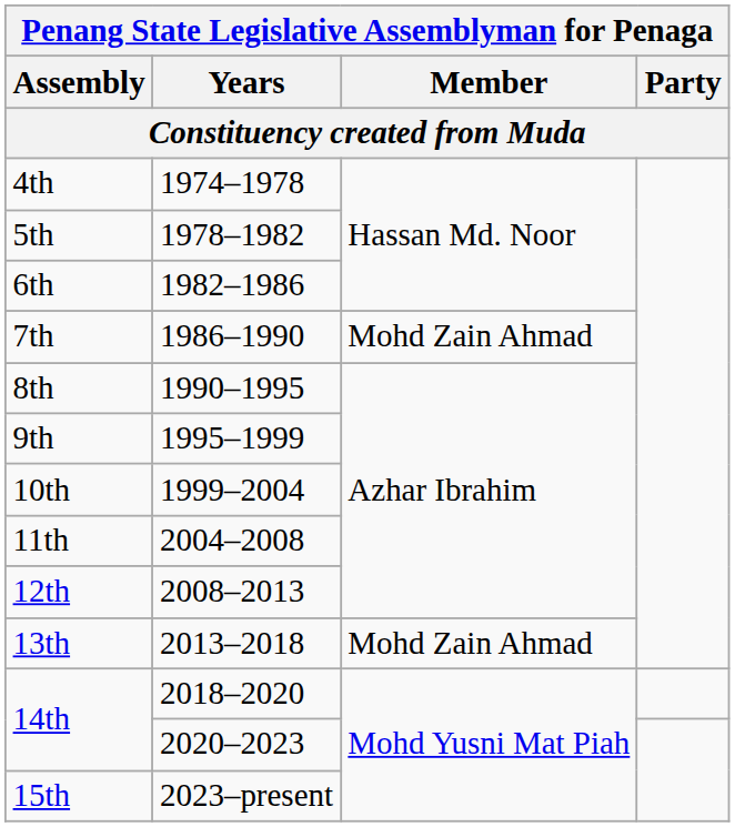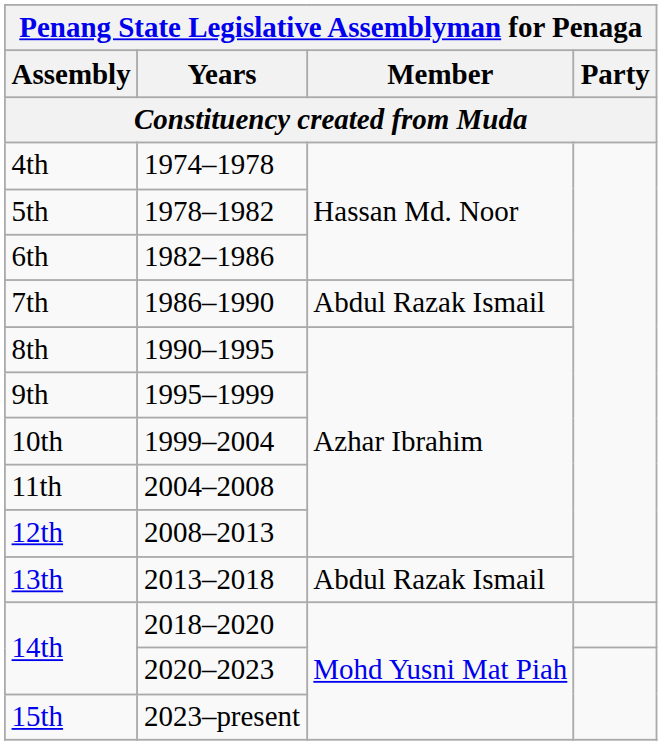 <table class="wikitable">
 <tr>
 <th colspan="4"><a href='#'>Penang State Legislative Assemblyman</a> for Penaga</th>
 </tr>
 <tr>
 <th>Assembly</th>
 <th>Years</th>
 <th>Member</th>
 <th>Party</th>
 </tr>
 <tr>
 <th colspan="4" align="center"><em>Constituency created from Muda</em></th>
 </tr>
 <tr>
 <td>4th</td>
 <td>1974–1978</td>
 <td rowspan="3">Hassan Md. Noor</td>
 <td rowspan="10"></td>
 </tr>
 <tr>
 <td>5th</td>
 <td>1978–1982</td>
 </tr>
 <tr>
 <td>6th</td>
 <td>1982–1986</td>
 </tr>
 <tr>
 <td>7th</td>
 <td>1986–1990</td>
-<td>Mohd Zain Ahmad</td>
+<td>Abdul Razak Ismail</td>
 </tr>
 <tr>
 <td>8th</td>
 <td>1990–1995</td>
 <td rowspan="5">Azhar Ibrahim</td>
 </tr>
 <tr>
 <td>9th</td>
 <td>1995–1999</td>
 </tr>
 <tr>
 <td>10th</td>
 <td>1999–2004</td>
 </tr>
 <tr>
 <td>11th</td>
 <td>2004–2008</td>
 </tr>
 <tr>
 <td><a href='#'>12th</a></td>
 <td>2008–2013</td>
 </tr>
 <tr>
 <td><a href='#'>13th</a></td>
 <td>2013–2018</td>
-<td>Mohd Zain Ahmad</td>
+<td>Abdul Razak Ismail</td>
 </tr>
 <tr>
 <td rowspan="2"><a href='#'>14th</a></td>
 <td>2018–2020</td>
 <td rowspan="3"><a href='#'>Mohd Yusni Mat Piah</a></td>
 <td></td>
 </tr>
 <tr>
 <td>2020–2023</td>
 <td rowspan="2"></td>
 </tr>
 <tr>
 <td><a href='#'>15th</a></td>
 <td>2023–present</td>
 </tr>
 </table>
